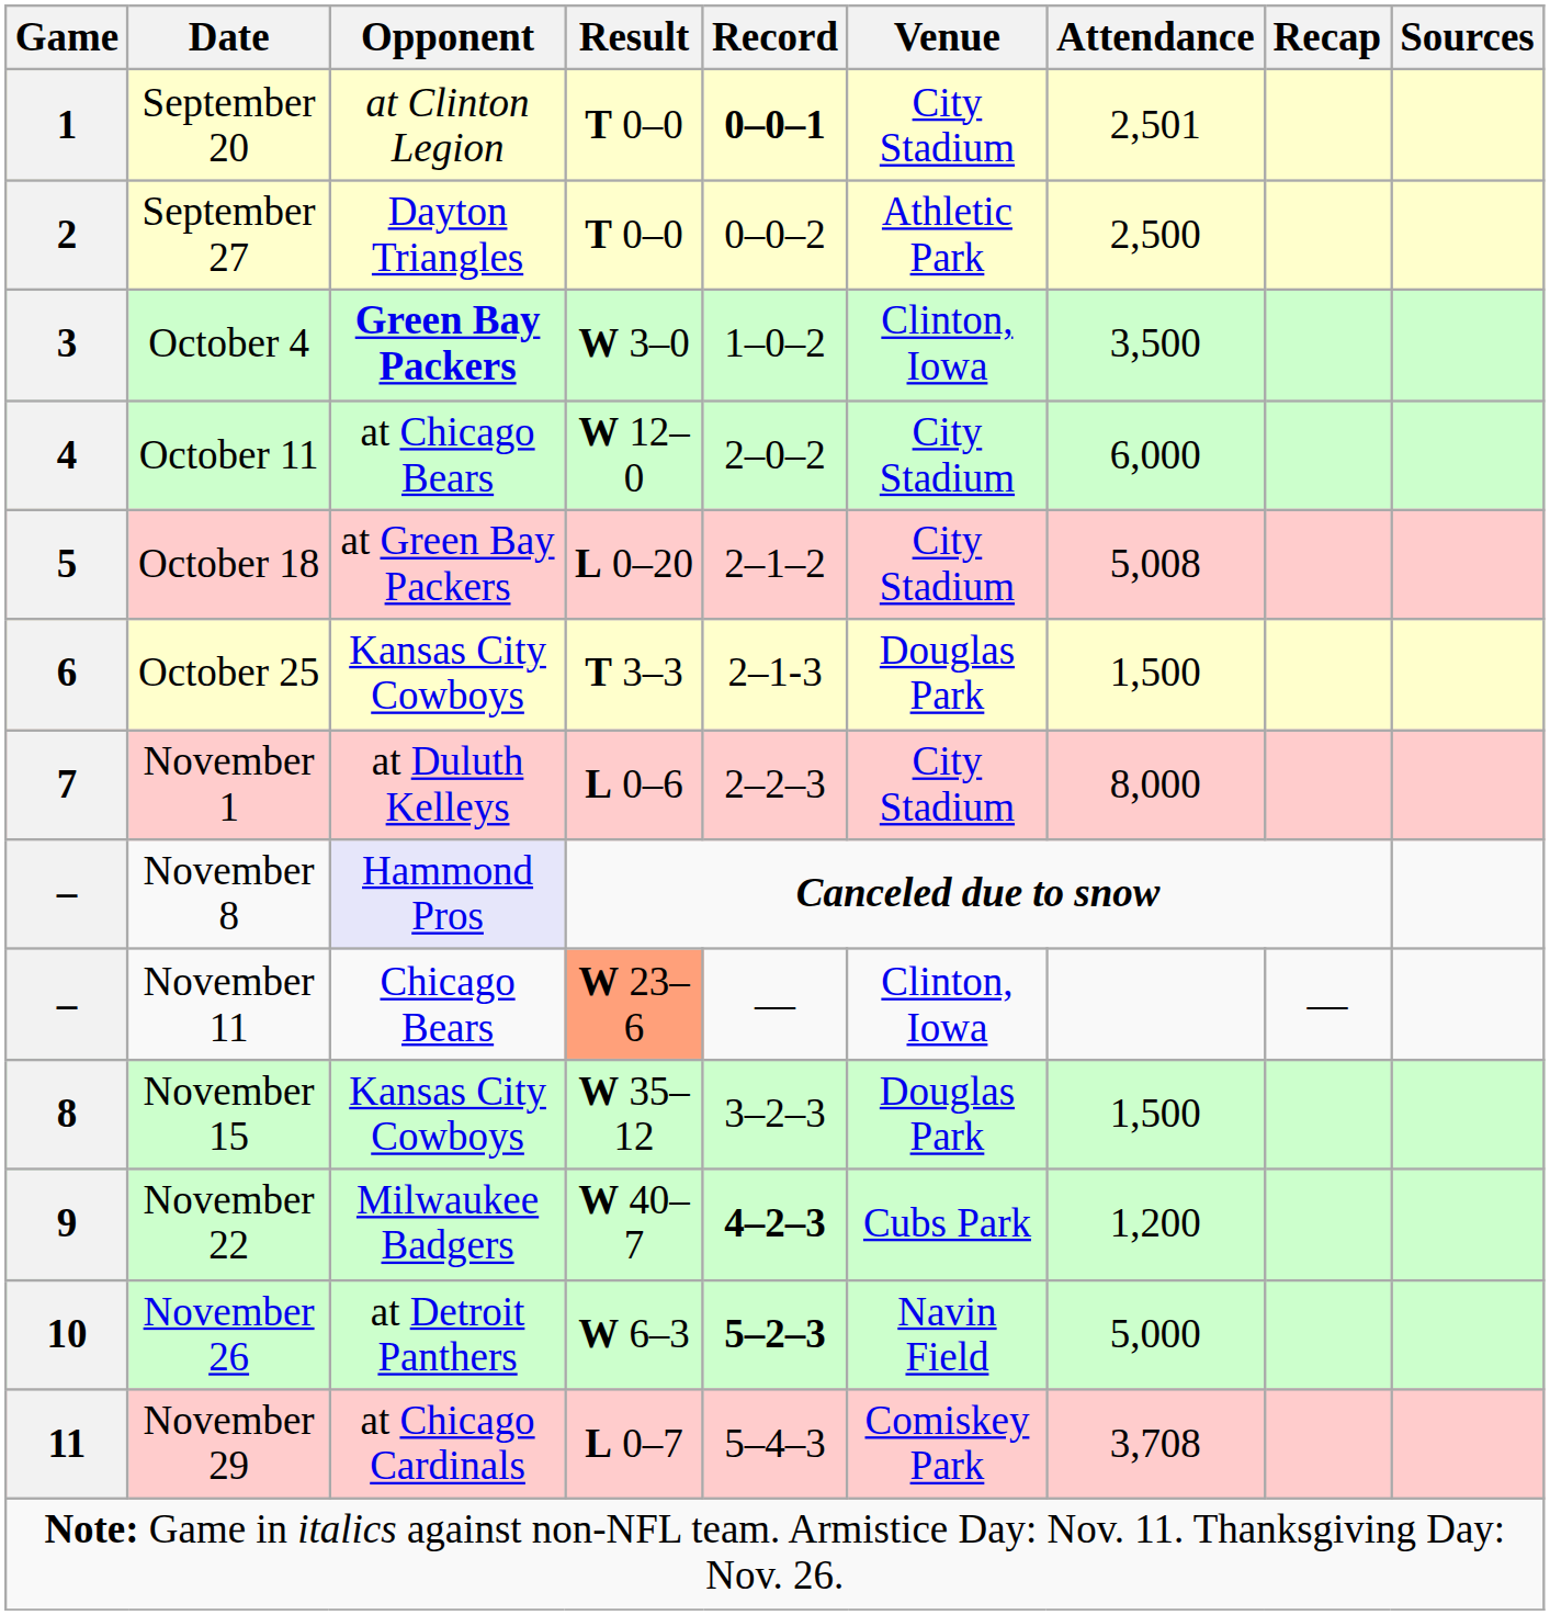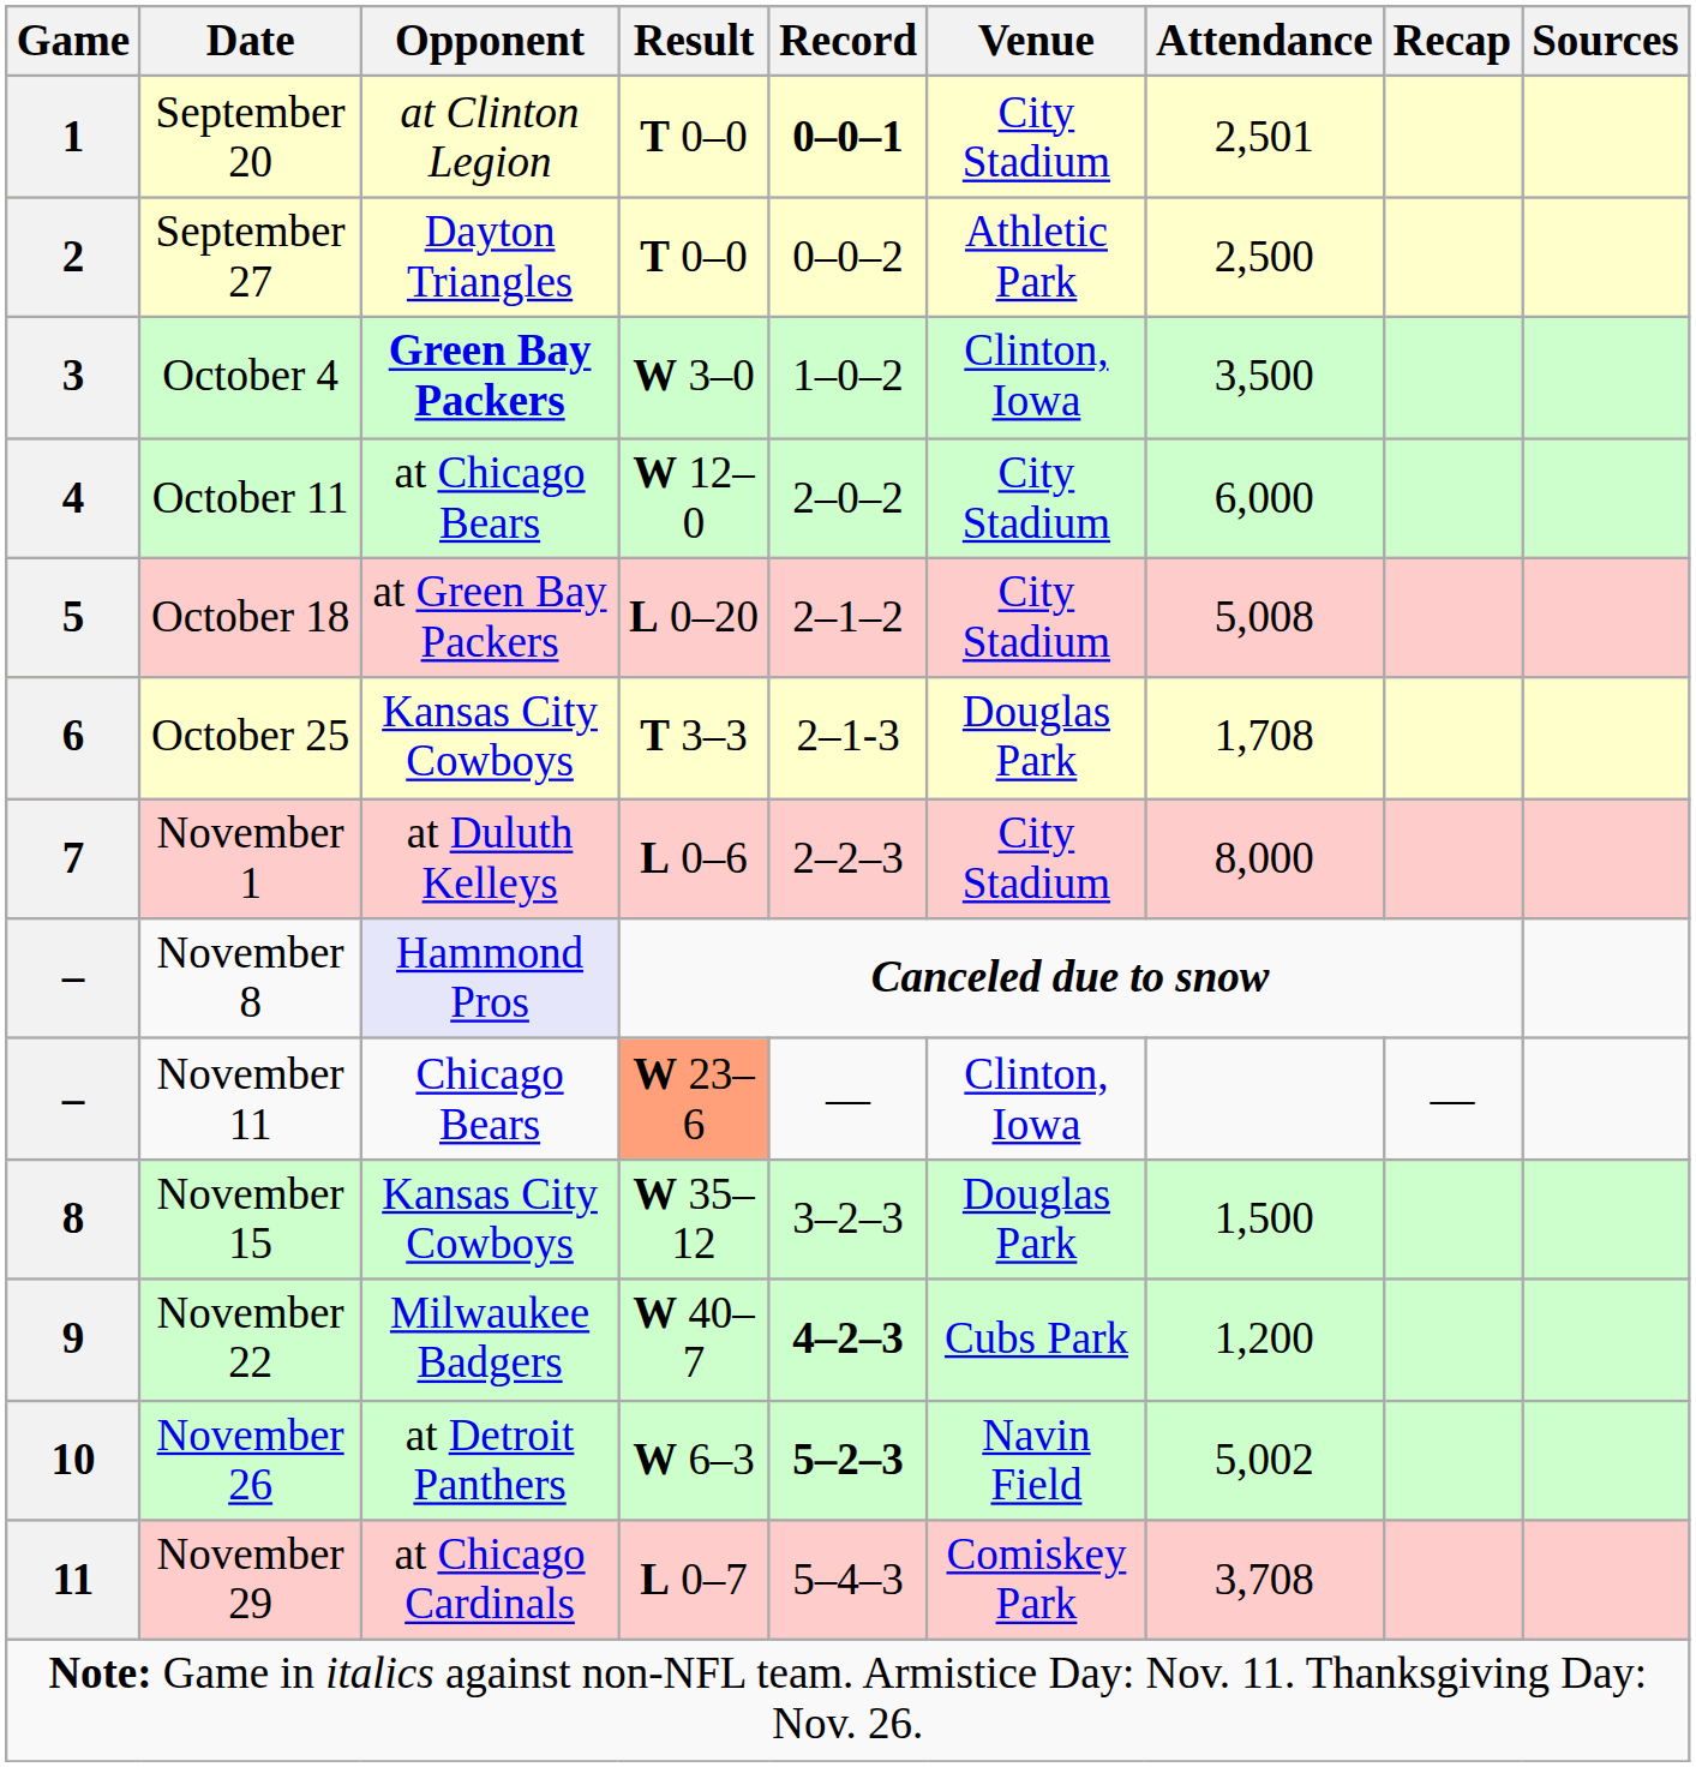 <table class="wikitable" style="text-align:center">
 <tr>
 <th>Game</th>
 <th>Date</th>
 <th>Opponent</th>
 <th>Result</th>
 <th>Record</th>
 <th>Venue</th>
 <th>Attendance</th>
 <th>Recap</th>
 <th>Sources</th>
 </tr>
 <tr style="background:#ffc">
 <th>1</th>
 <td>September 20</td>
 <td><em>at Clinton Legion</em></td>
 <td><strong>T</strong> 0–0</td>
 <td><strong>0–0–1</strong></td>
 <td><a href='#'>City Stadium</a></td>
 <td>2,501 </td>
 <td></td>
 <td></td>
 </tr>
 <tr style="background:#ffc">
 <th>2</th>
 <td>September 27</td>
 <td><a href='#'>Dayton Triangles</a></td>
 <td><strong>T</strong> 0–0</td>
 <td>0–0–2</td>
 <td><a href='#'>Athletic Park</a></td>
 <td>2,500 </td>
 <td></td>
 <td></td>
 </tr>
 <tr style="background:#cfc">
 <th>3</th>
 <td>October 4</td>
 <td><strong><a href='#'>Green Bay Packers</a></strong></td>
 <td><strong>W</strong> 3–0</td>
 <td>1–0–2</td>
 <td><a href='#'>Clinton, Iowa</a></td>
 <td>3,500 </td>
 <td></td>
 <td></td>
 </tr>
 <tr style="background:#cfc">
 <th>4</th>
 <td>October 11</td>
 <td>at <a href='#'>Chicago Bears</a></td>
 <td><strong>W</strong> 12–0</td>
 <td>2–0–2</td>
 <td><a href='#'>City Stadium</a></td>
 <td>6,000 </td>
 <td></td>
 <td></td>
 </tr>
 <tr style="background:#fcc">
 <th>5</th>
 <td>October 18</td>
 <td>at <a href='#'>Green Bay Packers</a></td>
 <td><strong>L</strong> 0–20</td>
 <td>2–1–2</td>
 <td><a href='#'>City Stadium</a></td>
 <td>5,008 </td>
 <td></td>
 <td></td>
 </tr>
 <tr style="background:#ffc">
 <th>6</th>
 <td>October 25</td>
 <td><a href='#'>Kansas City Cowboys</a></td>
 <td><strong>T</strong> 3–3</td>
 <td>2–1-3</td>
 <td><a href='#'>Douglas Park</a></td>
-<td>1,500</td>
+<td>1,708</td>
 <td></td>
 <td></td>
 </tr>
 <tr style="background:#fcc">
 <th>7</th>
 <td>November 1</td>
 <td>at <a href='#'>Duluth Kelleys</a></td>
 <td><strong>L</strong> 0–6</td>
 <td>2–2–3</td>
 <td><a href='#'>City Stadium</a></td>
 <td>8,000</td>
 <td></td>
 <td></td>
 </tr>
 <tr>
 <th>–</th>
 <td>November 8</td>
 <td style="background: lavender;"><a href='#'>Hammond Pros</a></td>
 <td colspan="5"><strong><em>Canceled due to snow</em></strong></td>
 <td></td>
 </tr>
 <tr>
 <th>–</th>
 <td>November 11</td>
 <td><a href='#'>Chicago Bears</a></td>
 <td style="background: lightsalmon;"><strong>W</strong> 23–6</td>
 <td>—</td>
 <td><a href='#'>Clinton, Iowa</a></td>
 <td></td>
 <td>—</td>
 <td></td>
 </tr>
 <tr style="background:#cfc">
 <th>8</th>
 <td>November 15</td>
 <td><a href='#'>Kansas City Cowboys</a></td>
 <td><strong>W</strong> 35–12</td>
 <td>3–2–3</td>
 <td><a href='#'>Douglas Park</a></td>
 <td>1,500</td>
 <td></td>
 <td></td>
 </tr>
 <tr style="background:#cfc">
 <th>9</th>
 <td>November 22</td>
 <td><a href='#'>Milwaukee Badgers</a></td>
 <td><strong>W</strong> 40–7</td>
 <td><strong>4–2–3</strong></td>
 <td><a href='#'>Cubs Park</a></td>
 <td>1,200</td>
 <td></td>
 <td></td>
 </tr>
 <tr style="background:#cfc">
 <th>10</th>
 <td><a href='#'>November 26</a></td>
 <td>at <a href='#'>Detroit Panthers</a></td>
 <td><strong>W</strong> 6–3</td>
 <td><strong>5–2–3</strong></td>
 <td><a href='#'>Navin Field</a></td>
-<td>5,000</td>
+<td>5,002</td>
 <td></td>
 <td></td>
 </tr>
 <tr style="background:#fcc">
 <th>11</th>
 <td>November 29</td>
 <td>at <a href='#'>Chicago Cardinals</a></td>
 <td><strong>L</strong> 0–7</td>
 <td>5–4–3</td>
 <td><a href='#'>Comiskey Park</a></td>
 <td>3,708</td>
 <td></td>
 <td></td>
 </tr>
 <tr>
 <td colspan="10"><strong>Note:</strong> Game in <em>italics</em> against non-NFL team. Armistice Day: Nov. 11. Thanksgiving Day: Nov. 26.</td>
 </tr>
 </table>
